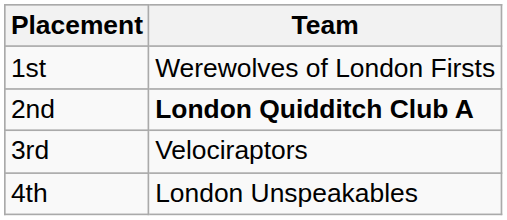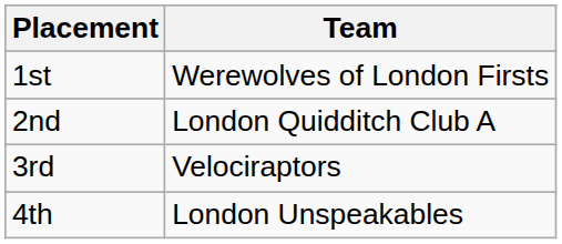 <table class="wikitable">
 <tr>
 <th>Placement</th>
 <th>Team</th>
 </tr>
 <tr>
 <td>1st</td>
 <td>Werewolves of London Firsts</td>
 </tr>
 <tr>
 <td>2nd</td>
-<td><strong>London Quidditch Club A</strong></td>
+<td>London Quidditch Club A</td>
 </tr>
 <tr>
 <td>3rd</td>
 <td>Velociraptors</td>
 </tr>
 <tr>
 <td>4th</td>
 <td>London Unspeakables</td>
 </tr>
 </table>
